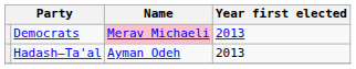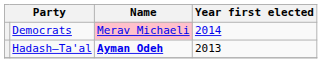 <table class="wikitable sortable" style="font-size: 95%;">
 <tr>
 <th colspan="2">Party</th>
 <th>Name</th>
 <th>Year first elected</th>
 </tr>
 <tr>
 <th style="background:"></th>
 <td><a href='#'>Democrats</a></td>
 <td style="background: pink;"><a href='#'>Merav Michaeli</a></td>
-<td><a href='#'>2013</a></td>
+<td><a href='#'>2014</a></td>
 </tr>
 <tr>
 <th style="background:"></th>
 <td><a href='#'>Hadash–Ta'al</a></td>
-<td><a href='#'>Ayman Odeh</a></td>
+<td><strong><a href='#'>Ayman Odeh</a></strong></td>
 <td>2013</td>
 </tr>
 <tr>
 </tr>
 </table>
